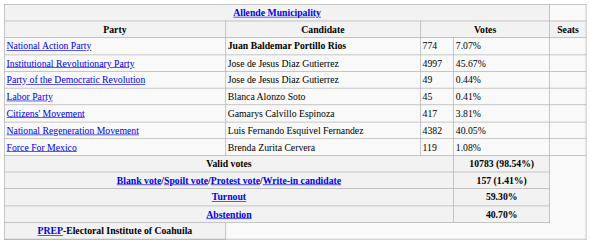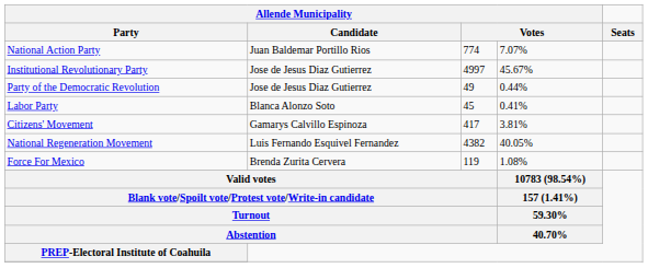 <table class="wikitable collapsible collapsed" style="font-size:95%; width:72%; line-height:126%; margin-bottom:0">
 <tr>
 <th Colspan = 4> <strong><a href='#'>Allende Municipality</a></strong></th>
 </tr>
 <tr style="background:#efefef;">
 <th Colspan = 1><strong>Party</strong></th>
 <th Colspan = 1><strong>Candidate</strong></th>
 <th Colspan = 2><strong>Votes</strong></th>
 <th Colspan = 1><strong>Seats</strong></th>
 </tr>
 <tr>
 <td> <a href='#'>National Action Party</a></td>
-<td><strong>Juan Baldemar Portillo Rios</strong></td>
+<td>Juan Baldemar Portillo Rios</td>
 <td>774</td>
 <td>7.07%</td>
 <td></td>
 </tr>
 <tr>
 <td> <a href='#'>Institutional Revolutionary Party</a></td>
 <td>Jose de Jesus Diaz Gutierrez</td>
 <td>4997</td>
 <td>45.67%</td>
 <td></td>
 </tr>
 <tr>
 <td> <a href='#'>Party of the Democratic Revolution</a></td>
 <td>Jose de Jesus Diaz Gutierrez</td>
 <td>49</td>
 <td>0.44%</td>
 <td></td>
 </tr>
 <tr>
 <td> <a href='#'>Labor Party</a></td>
 <td>Blanca Alonzo Soto</td>
 <td>45</td>
 <td>0.41%</td>
 <td></td>
 </tr>
 <tr>
 <td> <a href='#'>Citizens' Movement</a></td>
 <td>Gamarys Calvillo Espinoza</td>
 <td>417</td>
 <td>3.81%</td>
 <td></td>
 </tr>
 <tr>
 <td> <a href='#'>National Regeneration Movement</a></td>
 <td>Luis Fernando Esquivel Fernandez</td>
 <td>4382</td>
 <td>40.05%</td>
 <td></td>
 </tr>
 <tr>
 <td><a href='#'>Force For Mexico</a></td>
 <td>Brenda Zurita Cervera</td>
 <td>119</td>
 <td>1.08%</td>
 <td></td>
 </tr>
 <tr>
 <th Colspan = 3><strong>Valid votes</strong></th>
 <th>10783 (98.54%)</th>
 </tr>
 <tr>
 <th Colspan = 3><strong><a href='#'>Blank vote</a>/<a href='#'>Spoilt vote</a>/<a href='#'>Protest vote</a>/<a href='#'>Write-in candidate</a></strong></th>
 <th>157 (1.41%)</th>
 </tr>
 <tr>
 <th Colspan = 3><strong><a href='#'>Turnout</a></strong></th>
 <th>59.30%</th>
 </tr>
 <tr>
 <th Colspan = 3><strong><a href='#'>Abstention</a></strong></th>
 <th>40.70%</th>
 </tr>
 <tr>
 <th Colspan =><a href='#'>PREP</a>-Electoral Institute of Coahuila </th>
 </tr>
 <tr>
 </tr>
 </table>
